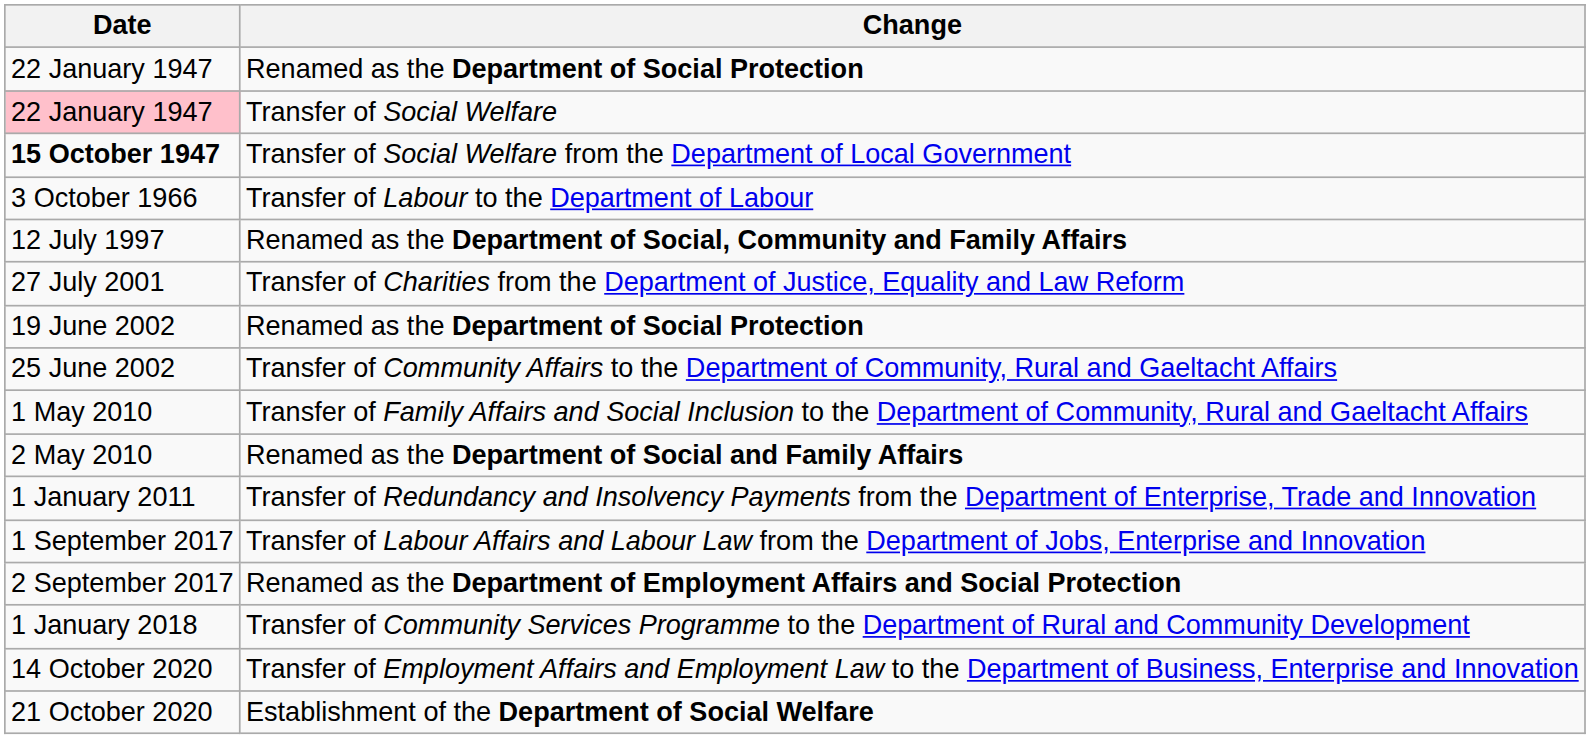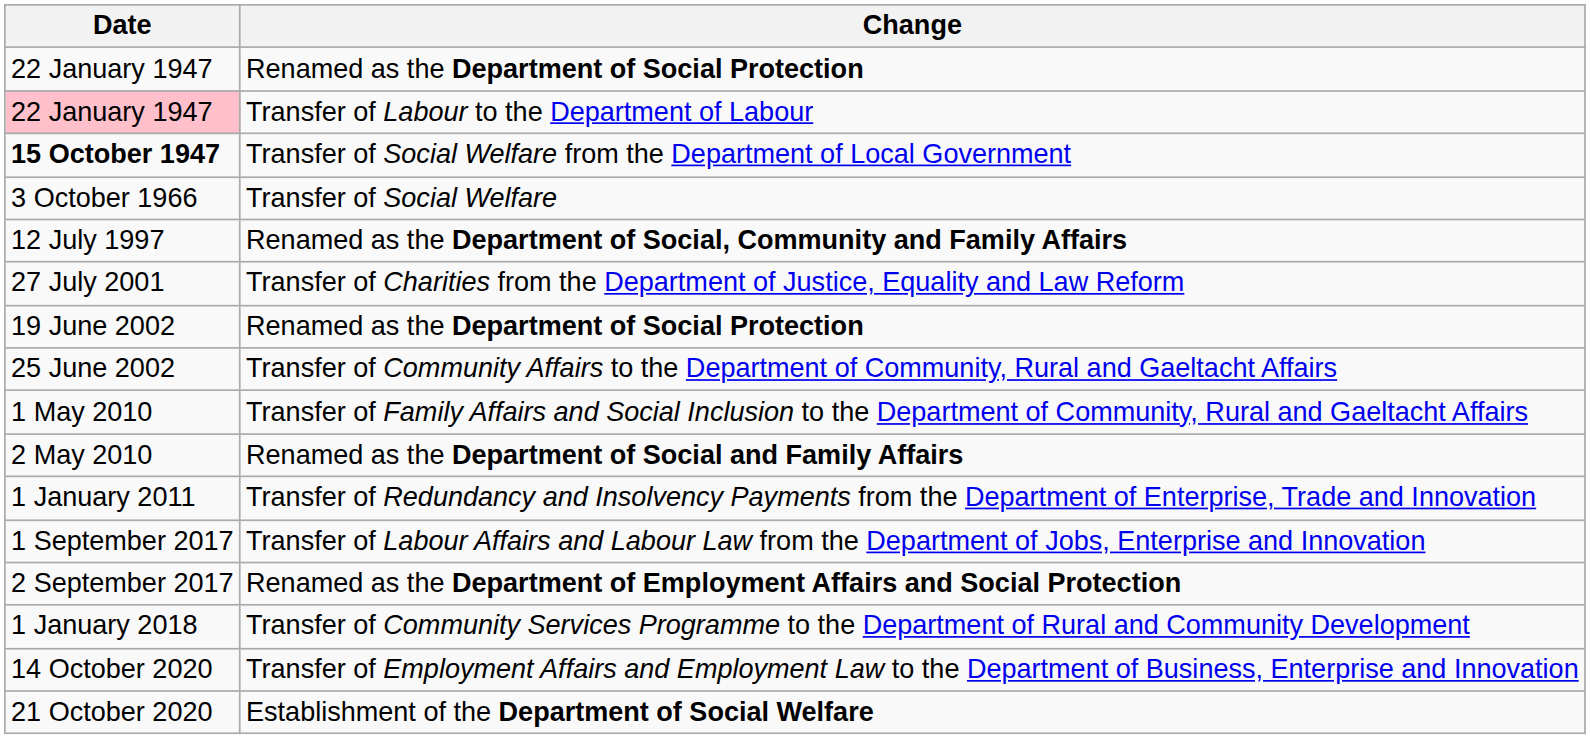 <table class="wikitable">
 <tr>
 <th>Date</th>
 <th>Change</th>
 </tr>
 <tr>
 <td>22 January 1947</td>
 <td>Renamed as the <strong>Department of Social Protection</strong></td>
 </tr>
 <tr>
 <td style="background: pink;">22 January 1947</td>
-<td>Transfer of <em>Social Welfare</em></td>
+<td>Transfer of <em>Labour</em> to the <a href='#'>Department of Labour</a></td>
 </tr>
 <tr>
 <td><strong>15 October 1947</strong></td>
 <td>Transfer of <em>Social Welfare</em> from the <a href='#'>Department of Local Government</a></td>
 </tr>
 <tr>
 <td>3 October 1966</td>
-<td>Transfer of <em>Labour</em> to the <a href='#'>Department of Labour</a></td>
+<td>Transfer of <em>Social Welfare</em></td>
 </tr>
 <tr>
 <td>12 July 1997</td>
 <td>Renamed as the <strong>Department of Social, Community and Family Affairs</strong></td>
 </tr>
 <tr>
 <td>27 July 2001</td>
 <td>Transfer of <em>Charities</em> from the <a href='#'>Department of Justice, Equality and Law Reform</a></td>
 </tr>
 <tr>
 <td>19 June 2002</td>
 <td>Renamed as the <strong>Department of Social Protection</strong></td>
 </tr>
 <tr>
 <td>25 June 2002</td>
 <td>Transfer of <em>Community Affairs</em> to the <a href='#'>Department of Community, Rural and Gaeltacht Affairs</a></td>
 </tr>
 <tr>
 <td>1 May 2010</td>
 <td>Transfer of <em>Family Affairs and Social Inclusion</em> to the <a href='#'>Department of Community, Rural and Gaeltacht Affairs</a></td>
 </tr>
 <tr>
 <td>2 May 2010</td>
 <td>Renamed as the <strong>Department of Social and Family Affairs</strong></td>
 </tr>
 <tr>
 <td>1 January 2011</td>
 <td>Transfer of <em>Redundancy and Insolvency Payments</em> from the <a href='#'>Department of Enterprise, Trade and Innovation</a></td>
 </tr>
 <tr>
 <td>1 September 2017</td>
 <td>Transfer of <em>Labour Affairs and Labour Law</em> from the <a href='#'>Department of Jobs, Enterprise and Innovation</a></td>
 </tr>
 <tr>
 <td>2 September 2017</td>
 <td>Renamed as the <strong>Department of Employment Affairs and Social Protection</strong></td>
 </tr>
 <tr>
 <td>1 January 2018</td>
 <td>Transfer of <em>Community Services Programme</em> to the <a href='#'>Department of Rural and Community Development</a></td>
 </tr>
 <tr>
 <td>14 October 2020</td>
 <td>Transfer of <em>Employment Affairs and Employment Law</em> to the <a href='#'>Department of Business, Enterprise and Innovation</a></td>
 </tr>
 <tr>
 <td>21 October 2020</td>
 <td>Establishment of the <strong>Department of Social Welfare</strong></td>
 </tr>
 </table>
